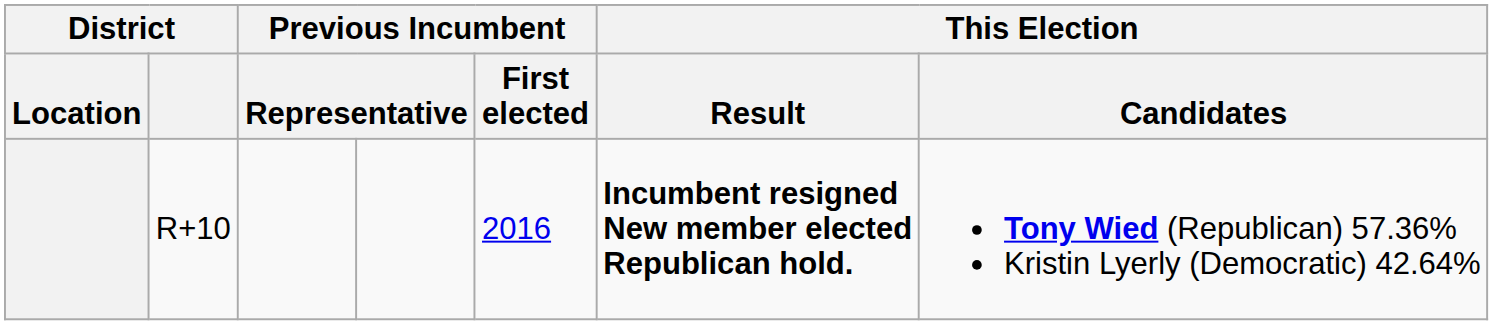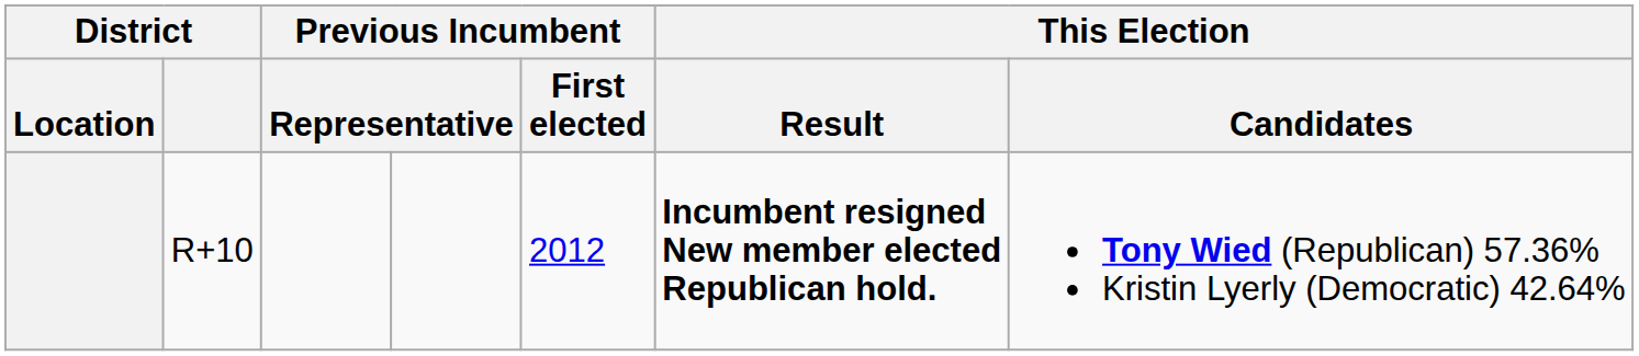 <table class="wikitable sortable">
 <tr>
 <th colspan=2>District</th>
 <th colspan=3>Previous Incumbent</th>
 <th colspan=2 class="unsortable">This Election</th>
 </tr>
 <tr valign=bottom>
 <th>Location</th>
 <th></th>
 <th colspan="2">Representative</th>
 <th>First<br>elected</th>
 <th>Result</th>
 <th>Candidates</th>
 </tr>
 <tr>
 <th></th>
 <td>R+10</td>
 <td></td>
 <td></td>
-<td><a href='#'>2016</a></td>
+<td><a href='#'>2012</a></td>
 <td><strong>Incumbent resigned <br>New member elected <br>Republican hold.</strong></td>
 <td nowrap=""><br><ul><li> <strong><a href='#'>Tony Wied</a></strong> (Republican) 57.36%</li><li>Kristin Lyerly (Democratic) 42.64%</li></ul></td>
 </tr>
 </table>
